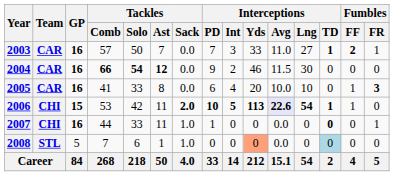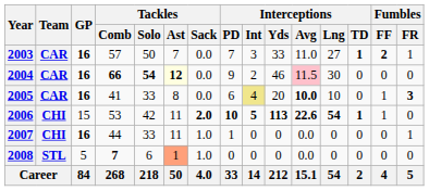 <table class="wikitable" style="text-align: center;">
 <tr>
 <th rowspan="2">Year</th>
 <th rowspan="2">Team</th>
 <th rowspan="2">GP</th>
 <th colspan="4">Tackles</th>
 <th colspan="6">Interceptions</th>
 <th colspan="2">Fumbles</th>
 </tr>
 <tr>
 <th>Comb</th>
 <th>Solo</th>
 <th>Ast</th>
 <th>Sack</th>
 <th>PD</th>
 <th>Int</th>
 <th>Yds</th>
 <th>Avg</th>
 <th>Lng</th>
 <th>TD</th>
 <th>FF</th>
 <th>FR</th>
 </tr>
 <tr>
 <th><a href='#'>2003</a></th>
 <th><a href='#'>CAR</a></th>
 <td><strong>16</strong></td>
 <td>57</td>
 <td>50</td>
 <td>7</td>
 <td>0.0</td>
 <td>7</td>
 <td>3</td>
 <td>33</td>
 <td>11.0</td>
 <td>27</td>
 <td><strong>1</strong></td>
 <td><strong>2</strong></td>
 <td>1</td>
 </tr>
 <tr>
 <th><a href='#'>2004</a></th>
 <th><a href='#'>CAR</a></th>
 <td><strong>16</strong></td>
 <td><strong>66</strong></td>
 <td><strong>54</strong></td>
-<td><strong>12</strong></td>
+<td style="background: lightyellow;"><strong>12</strong></td>
 <td>0.0</td>
 <td>9</td>
 <td>2</td>
 <td>46</td>
-<td>11.5</td>
+<td style="background: pink;">11.5</td>
 <td>30</td>
 <td>0</td>
 <td>0</td>
 <td>0</td>
 </tr>
 <tr>
 <th><a href='#'>2005</a></th>
 <th><a href='#'>CAR</a></th>
 <td><strong>16</strong></td>
 <td>41</td>
 <td>33</td>
 <td>8</td>
 <td>0.0</td>
 <td>6</td>
-<td>4</td>
+<td style="background: khaki;">4</td>
 <td>20</td>
-<td>10.0</td>
+<td><strong>10.0</strong></td>
 <td>10</td>
 <td>0</td>
 <td>1</td>
 <td><strong>3</strong></td>
 </tr>
 <tr>
 <th><a href='#'>2006</a></th>
 <th><a href='#'>CHI</a></th>
-<td><strong>15</strong></td>
+<td>15</td>
 <td>53</td>
 <td>42</td>
 <td>11</td>
 <td><strong>2.0</strong></td>
 <td><strong>10</strong></td>
 <td><strong>5</strong></td>
 <td><strong>113</strong></td>
-<td style="background: lavender;"><strong>22.6</strong></td>
+<td><strong>22.6</strong></td>
 <td><strong>54</strong></td>
 <td><strong>1</strong></td>
 <td>1</td>
 <td>0</td>
 </tr>
 <tr>
 <th><a href='#'>2007</a></th>
 <th><a href='#'>CHI</a></th>
 <td><strong>16</strong></td>
 <td>44</td>
 <td>33</td>
 <td>11</td>
 <td>1.0</td>
 <td>1</td>
 <td>0</td>
 <td>0</td>
 <td>0.0</td>
 <td>0</td>
-<td><strong>0</strong></td>
+<td>0</td>
 <td>0</td>
 <td>1</td>
 </tr>
 <tr>
 <th><a href='#'>2008</a></th>
 <th><a href='#'>STL</a></th>
 <td>5</td>
-<td>7</td>
+<td><strong>7</strong></td>
 <td>6</td>
-<td>1</td>
+<td style="background: lightsalmon;">1</td>
 <td>1.0</td>
 <td>0</td>
 <td>0</td>
-<td style="background: lightsalmon;">0</td>
+<td>0</td>
 <td>0.0</td>
 <td>0</td>
-<td style="background: lightblue;">0</td>
+<td>0</td>
 <td>0</td>
 <td>0</td>
 </tr>
 <tr>
 <th colspan="2">Career</th>
 <th>84</th>
 <th>268</th>
 <th>218</th>
 <th>50</th>
 <th>4.0</th>
 <th>33</th>
 <th>14</th>
 <th>212</th>
 <th>15.1</th>
 <th>54</th>
 <th>2</th>
 <th>4</th>
 <th>5</th>
 </tr>
 </table>
